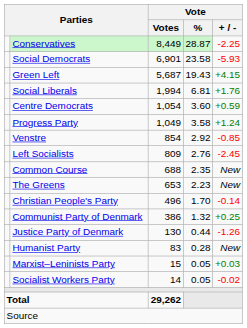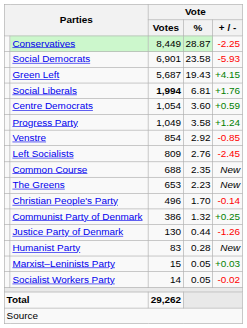 <table class="wikitable" style="text-align:right;">
 <tr>
 <th style="text-align:centre;" rowspan="2" colspan="2" width="225">Parties</th>
 <th colspan="3">Vote</th>
 </tr>
 <tr>
 <th width="15">Votes</th>
 <th width="15">%</th>
 <th width="15">+ / -</th>
 </tr>
 <tr>
 <td width="2" style="color:inherit;background:"></td>
 <td bgcolor=#ccf7cc  align="left"><a href='#'>Conservatives</a></td>
 <td bgcolor=#ccf7cc>8,449</td>
 <td bgcolor=#ccf7cc>28.87</td>
 <td style=color:red;>-2.25</td>
 </tr>
 <tr>
 <td width="2" style="color:inherit;background:"></td>
 <td align="left"><a href='#'>Social Democrats</a></td>
 <td>6,901</td>
 <td>23.58</td>
 <td style=color:red;>-5.93</td>
 </tr>
 <tr>
 <td width="2" style="color:inherit;background:"></td>
 <td align="left"><a href='#'>Green Left</a></td>
 <td>5,687</td>
 <td>19.43</td>
 <td style=color:green;>+4.15</td>
 </tr>
 <tr>
 <td width="2" style="color:inherit;background:"></td>
 <td align="left"><a href='#'>Social Liberals</a></td>
-<td>1,994</td>
+<td><strong>1,994</strong></td>
 <td>6.81</td>
 <td style=color:green;>+1.76</td>
 </tr>
 <tr>
 <td width="2" style="color:inherit;background:"></td>
 <td align="left"><a href='#'>Centre Democrats</a></td>
 <td>1,054</td>
 <td>3.60</td>
 <td style=color:green;>+0.59</td>
 </tr>
 <tr>
 <td width="2" style="color:inherit;background:"></td>
 <td align="left"><a href='#'>Progress Party</a></td>
 <td>1,049</td>
 <td>3.58</td>
 <td style=color:green;>+1.24</td>
 </tr>
 <tr>
 <td width="2" style="color:inherit;background:"></td>
 <td align="left"><a href='#'>Venstre</a></td>
 <td>854</td>
 <td>2.92</td>
 <td style=color:red;>-0.85</td>
 </tr>
 <tr>
 <td width="2" style="color:inherit;background:"></td>
 <td align="left"><a href='#'>Left Socialists</a></td>
 <td>809</td>
 <td>2.76</td>
 <td style=color:red;>-2.45</td>
 </tr>
 <tr>
 <td width="2" style="color:inherit;background:"></td>
 <td align="left"><a href='#'>Common Course</a></td>
 <td>688</td>
 <td>2.35</td>
 <td><em>New</em></td>
 </tr>
 <tr>
 <td width="2" style="color:inherit;background:"></td>
 <td align="left"><a href='#'>The Greens</a></td>
 <td>653</td>
 <td>2.23</td>
 <td><em>New</em></td>
 </tr>
 <tr>
 <td width="2" style="color:inherit;background:"></td>
 <td align="left"><a href='#'>Christian People's Party</a></td>
 <td>496</td>
 <td>1.70</td>
 <td style=color:red;>-0.14</td>
 </tr>
 <tr>
 <td width="2" style="color:inherit;background:"></td>
 <td align="left"><a href='#'>Communist Party of Denmark</a></td>
 <td>386</td>
 <td>1.32</td>
 <td style=color:green;>+0.25</td>
 </tr>
 <tr>
 <td width="2" style="color:inherit;background:"></td>
 <td align="left"><a href='#'>Justice Party of Denmark</a></td>
 <td>130</td>
 <td>0.44</td>
 <td style=color:red;>-1.26</td>
 </tr>
 <tr>
 <td width="2" style="color:inherit;background:"></td>
 <td align="left"><a href='#'>Humanist Party</a></td>
 <td>83</td>
 <td>0.28</td>
 <td><em>New</em></td>
 </tr>
 <tr>
 <td width="2" style="color:inherit;background:"></td>
 <td align="left"><a href='#'>Marxist–Leninists Party</a></td>
 <td>15</td>
 <td>0.05</td>
 <td style=color:green;>+0.03</td>
 </tr>
 <tr>
 <td width="2" style="color:inherit;background:"></td>
 <td align="left"><a href='#'>Socialist Workers Party</a></td>
 <td>14</td>
 <td>0.05</td>
 <td style=color:red;>-0.02</td>
 </tr>
 <tr>
 <td colspan="7" bgcolor="#E9E9E9"></td>
 </tr>
 <tr>
 <td align="left" colspan="2"><strong>Total</strong></td>
 <td><strong>29,262</strong></td>
 <td bgcolor="#E9E9E9" colspan="2"></td>
 </tr>
 <tr>
 <td align="left" colspan="6">Source</td>
 </tr>
 </table>
